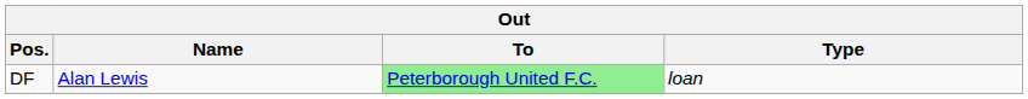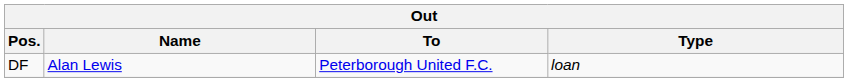 <table class="wikitable" style="font-size:100%;width:99%;">
 <tr>
 <th colspan="4">Out</th>
 </tr>
 <tr>
 <th width=3%>Pos.</th>
 <th width=33%>Name</th>
 <th width=28%>To</th>
 <th width=36%>Type</th>
 </tr>
 <tr>
 <td>DF</td>
 <td><a href='#'>Alan Lewis</a></td>
-<td style="background: lightgreen;"><a href='#'>Peterborough United F.C.</a></td>
+<td><a href='#'>Peterborough United F.C.</a></td>
 <td><em>loan</em></td>
 </tr>
 <tr>
 </tr>
 </table>
